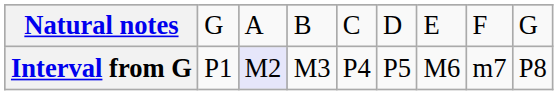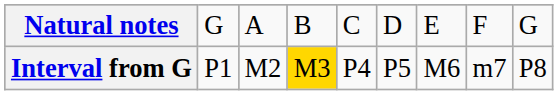 <table class="wikitable">
 <tr>
 <th><a href='#'>Natural notes</a></th>
 <td>G</td>
 <td>A</td>
 <td>B</td>
 <td>C</td>
 <td>D</td>
 <td>E</td>
 <td>F</td>
 <td>G</td>
 </tr>
 <tr>
 <th><a href='#'>Interval</a> from G</th>
 <td>P1</td>
-<td style="background: lavender;">M2</td>
-<td>M3</td>
+<td>M2</td>
+<td style="background: gold;">M3</td>
 <td>P4</td>
 <td>P5</td>
 <td>M6</td>
 <td>m7</td>
 <td>P8</td>
 </tr>
 </table>
